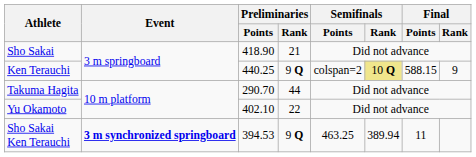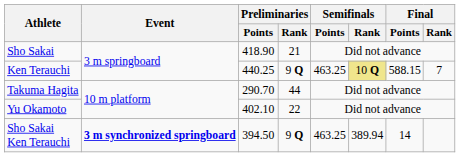 <table class=wikitable style="font-size:90%;">
 <tr>
 <th rowspan="2">Athlete</th>
 <th rowspan="2">Event</th>
 <th colspan="2">Preliminaries</th>
 <th colspan="2">Semifinals</th>
 <th colspan="2">Final</th>
 </tr>
 <tr style="font-size:95%">
 <th>Points</th>
 <th>Rank</th>
 <th>Points</th>
 <th>Rank</th>
 <th>Points</th>
 <th>Rank</th>
 </tr>
 <tr align=center>
 <td align=left><a href='#'>Sho Sakai</a></td>
 <td align=left rowspan=2><a href='#'>3 m springboard</a></td>
 <td>418.90</td>
 <td>21</td>
 <td colspan=4>Did not advance</td>
 </tr>
 <tr align=center>
 <td align=left><a href='#'>Ken Terauchi</a></td>
 <td>440.25</td>
 <td>9 <strong>Q</strong></td>
-<td>colspan=2 </td>
+<td>463.25</td>
 <td style="background: khaki;">10 <strong>Q</strong></td>
 <td>588.15</td>
-<td>9</td>
+<td>7</td>
 </tr>
 <tr align=center>
 <td align=left><a href='#'>Takuma Hagita</a></td>
 <td align=left rowspan=2><a href='#'>10 m platform</a></td>
 <td>290.70</td>
 <td>44</td>
 <td colspan=4>Did not advance</td>
 </tr>
 <tr align=center>
 <td align=left><a href='#'>Yu Okamoto</a></td>
 <td>402.10</td>
 <td>22</td>
 <td colspan=4>Did not advance</td>
 </tr>
 <tr align=center>
 <td align=left><a href='#'>Sho Sakai</a><br><a href='#'>Ken Terauchi</a></td>
 <td align=left><strong><a href='#'>3 m synchronized springboard</a></strong></td>
-<td>394.53</td>
+<td>394.50</td>
 <td>9 <strong>Q</strong></td>
 <td>463.25</td>
 <td>389.94</td>
-<td>11</td>
+<td>14</td>
 </tr>
 </table>
